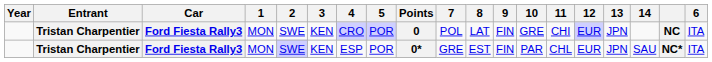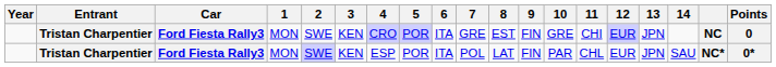 <table class="wikitable" style="text-align:center; font-size:85%;">
 <tr>
 <th>Year</th>
 <th>Entrant</th>
 <th>Car</th>
 <th>1</th>
 <th>2</th>
 <th>3</th>
 <th>4</th>
 <th>5</th>
-<th>Points</th>
+<th>6</th>
 <th>7</th>
 <th>8</th>
 <th>9</th>
 <th>10</th>
 <th>11</th>
 <th>12</th>
 <th>13</th>
 <th>14</th>
 <th></th>
-<th>6</th>
+<th>Points</th>
 </tr>
 <tr>
 <td></td>
 <th nowrap>Tristan Charpentier</th>
 <th nowrap><a href='#'>Ford Fiesta Rally3</a></th>
 <td><a href='#'>MON</a></td>
 <td><a href='#'>SWE</a></td>
 <td><a href='#'>KEN</a></td>
 <td style="background:#CFCFFF;"><a href='#'>CRO</a><br></td>
 <td style="background:#CFCFFF;"><a href='#'>POR</a><br></td>
-<th>0</th>
-<td><a href='#'>POL</a></td>
-<td><a href='#'>LAT</a></td>
+<td><a href='#'>ITA</a></td>
+<td><a href='#'>GRE</a></td>
+<td><a href='#'>EST</a></td>
 <td><a href='#'>FIN</a><br></td>
 <td><a href='#'>GRE</a></td>
 <td><a href='#'>CHI</a></td>
 <td style="background:#CFCFFF;"><a href='#'>EUR</a><br></td>
 <td><a href='#'>JPN</a></td>
 <td></td>
 <th>NC</th>
-<td><a href='#'>ITA</a></td>
+<th>0</th>
 </tr>
 <tr>
 <td></td>
 <th>Tristan Charpentier</th>
 <th><a href='#'>Ford Fiesta Rally3</a></th>
 <td><a href='#'>MON</a></td>
 <td style="background:#CFCFFF;"><a href='#'>SWE</a><br></td>
 <td><a href='#'>KEN</a></td>
 <td><a href='#'>ESP</a></td>
 <td><a href='#'>POR</a></td>
-<th>0*</th>
-<td><a href='#'>GRE</a></td>
-<td><a href='#'>EST</a></td>
+<td><a href='#'>ITA</a></td>
+<td><a href='#'>POL</a></td>
+<td><a href='#'>LAT</a></td>
 <td><a href='#'>FIN</a></td>
 <td><a href='#'>PAR</a></td>
 <td><a href='#'>CHL</a></td>
 <td><a href='#'>EUR</a></td>
 <td><a href='#'>JPN</a></td>
 <td><a href='#'>SAU</a></td>
 <th>NC*</th>
-<td><a href='#'>ITA</a></td>
+<th>0*</th>
 </tr>
 </table>
